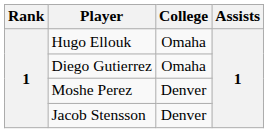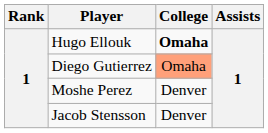 <table class="wikitable" style="text-align:center">
 <tr>
 <th>Rank</th>
 <th>Player</th>
 <th>College</th>
 <th>Assists</th>
 </tr>
 <tr>
 <th rowspan="4">1</th>
 <td align="left"> Hugo Ellouk</td>
-<td>Omaha</td>
+<td><strong>Omaha</strong></td>
 <th rowspan="4">1</th>
 </tr>
 <tr>
 <td align="left"> Diego Gutierrez</td>
-<td>Omaha</td>
+<td style="background: lightsalmon;">Omaha</td>
 </tr>
 <tr>
 <td align="left"> Moshe Perez</td>
 <td>Denver</td>
 </tr>
 <tr>
 <td align="left"> Jacob Stensson</td>
 <td>Denver</td>
 </tr>
 </table>
